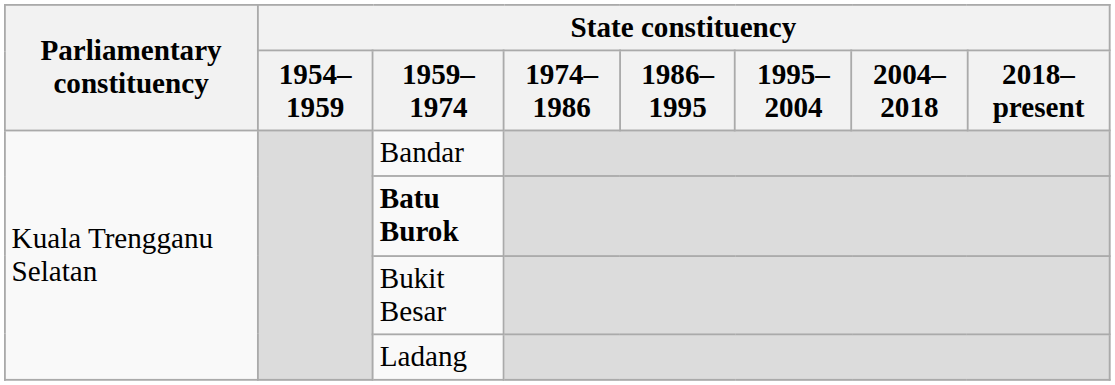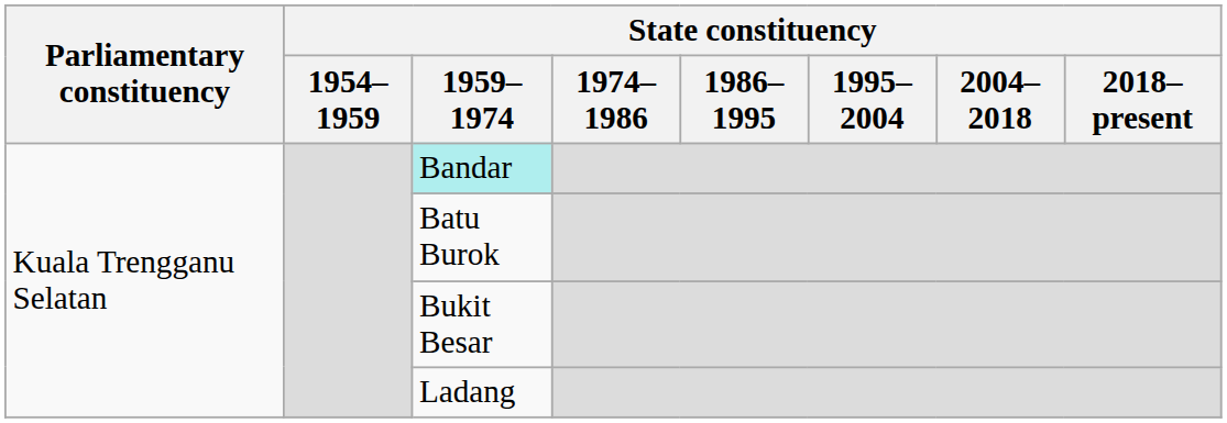 <table class="wikitable">
 <tr>
 <th rowspan="2">Parliamentary<br>constituency</th>
 <th colspan="7">State constituency</th>
 </tr>
 <tr>
 <th>1954–1959</th>
 <th>1959–1974</th>
 <th>1974–1986</th>
 <th>1986–1995</th>
 <th>1995–2004</th>
 <th>2004–2018</th>
 <th>2018–present</th>
 </tr>
 <tr>
 <td rowspan="4">Kuala Trengganu Selatan</td>
 <td rowspan="4" bgcolor="dcdcdc"></td>
-<td>Bandar</td>
+<td style="background: paleturquoise;">Bandar</td>
 <td colspan="5" bgcolor="dcdcdc"></td>
 </tr>
 <tr>
-<td><strong>Batu Burok</strong></td>
+<td>Batu Burok</td>
 <td colspan="5" bgcolor="dcdcdc"></td>
 </tr>
 <tr>
 <td>Bukit Besar</td>
 <td colspan="5" bgcolor="dcdcdc"></td>
 </tr>
 <tr>
 <td>Ladang</td>
 <td colspan="5" bgcolor="dcdcdc"></td>
 </tr>
 </table>
